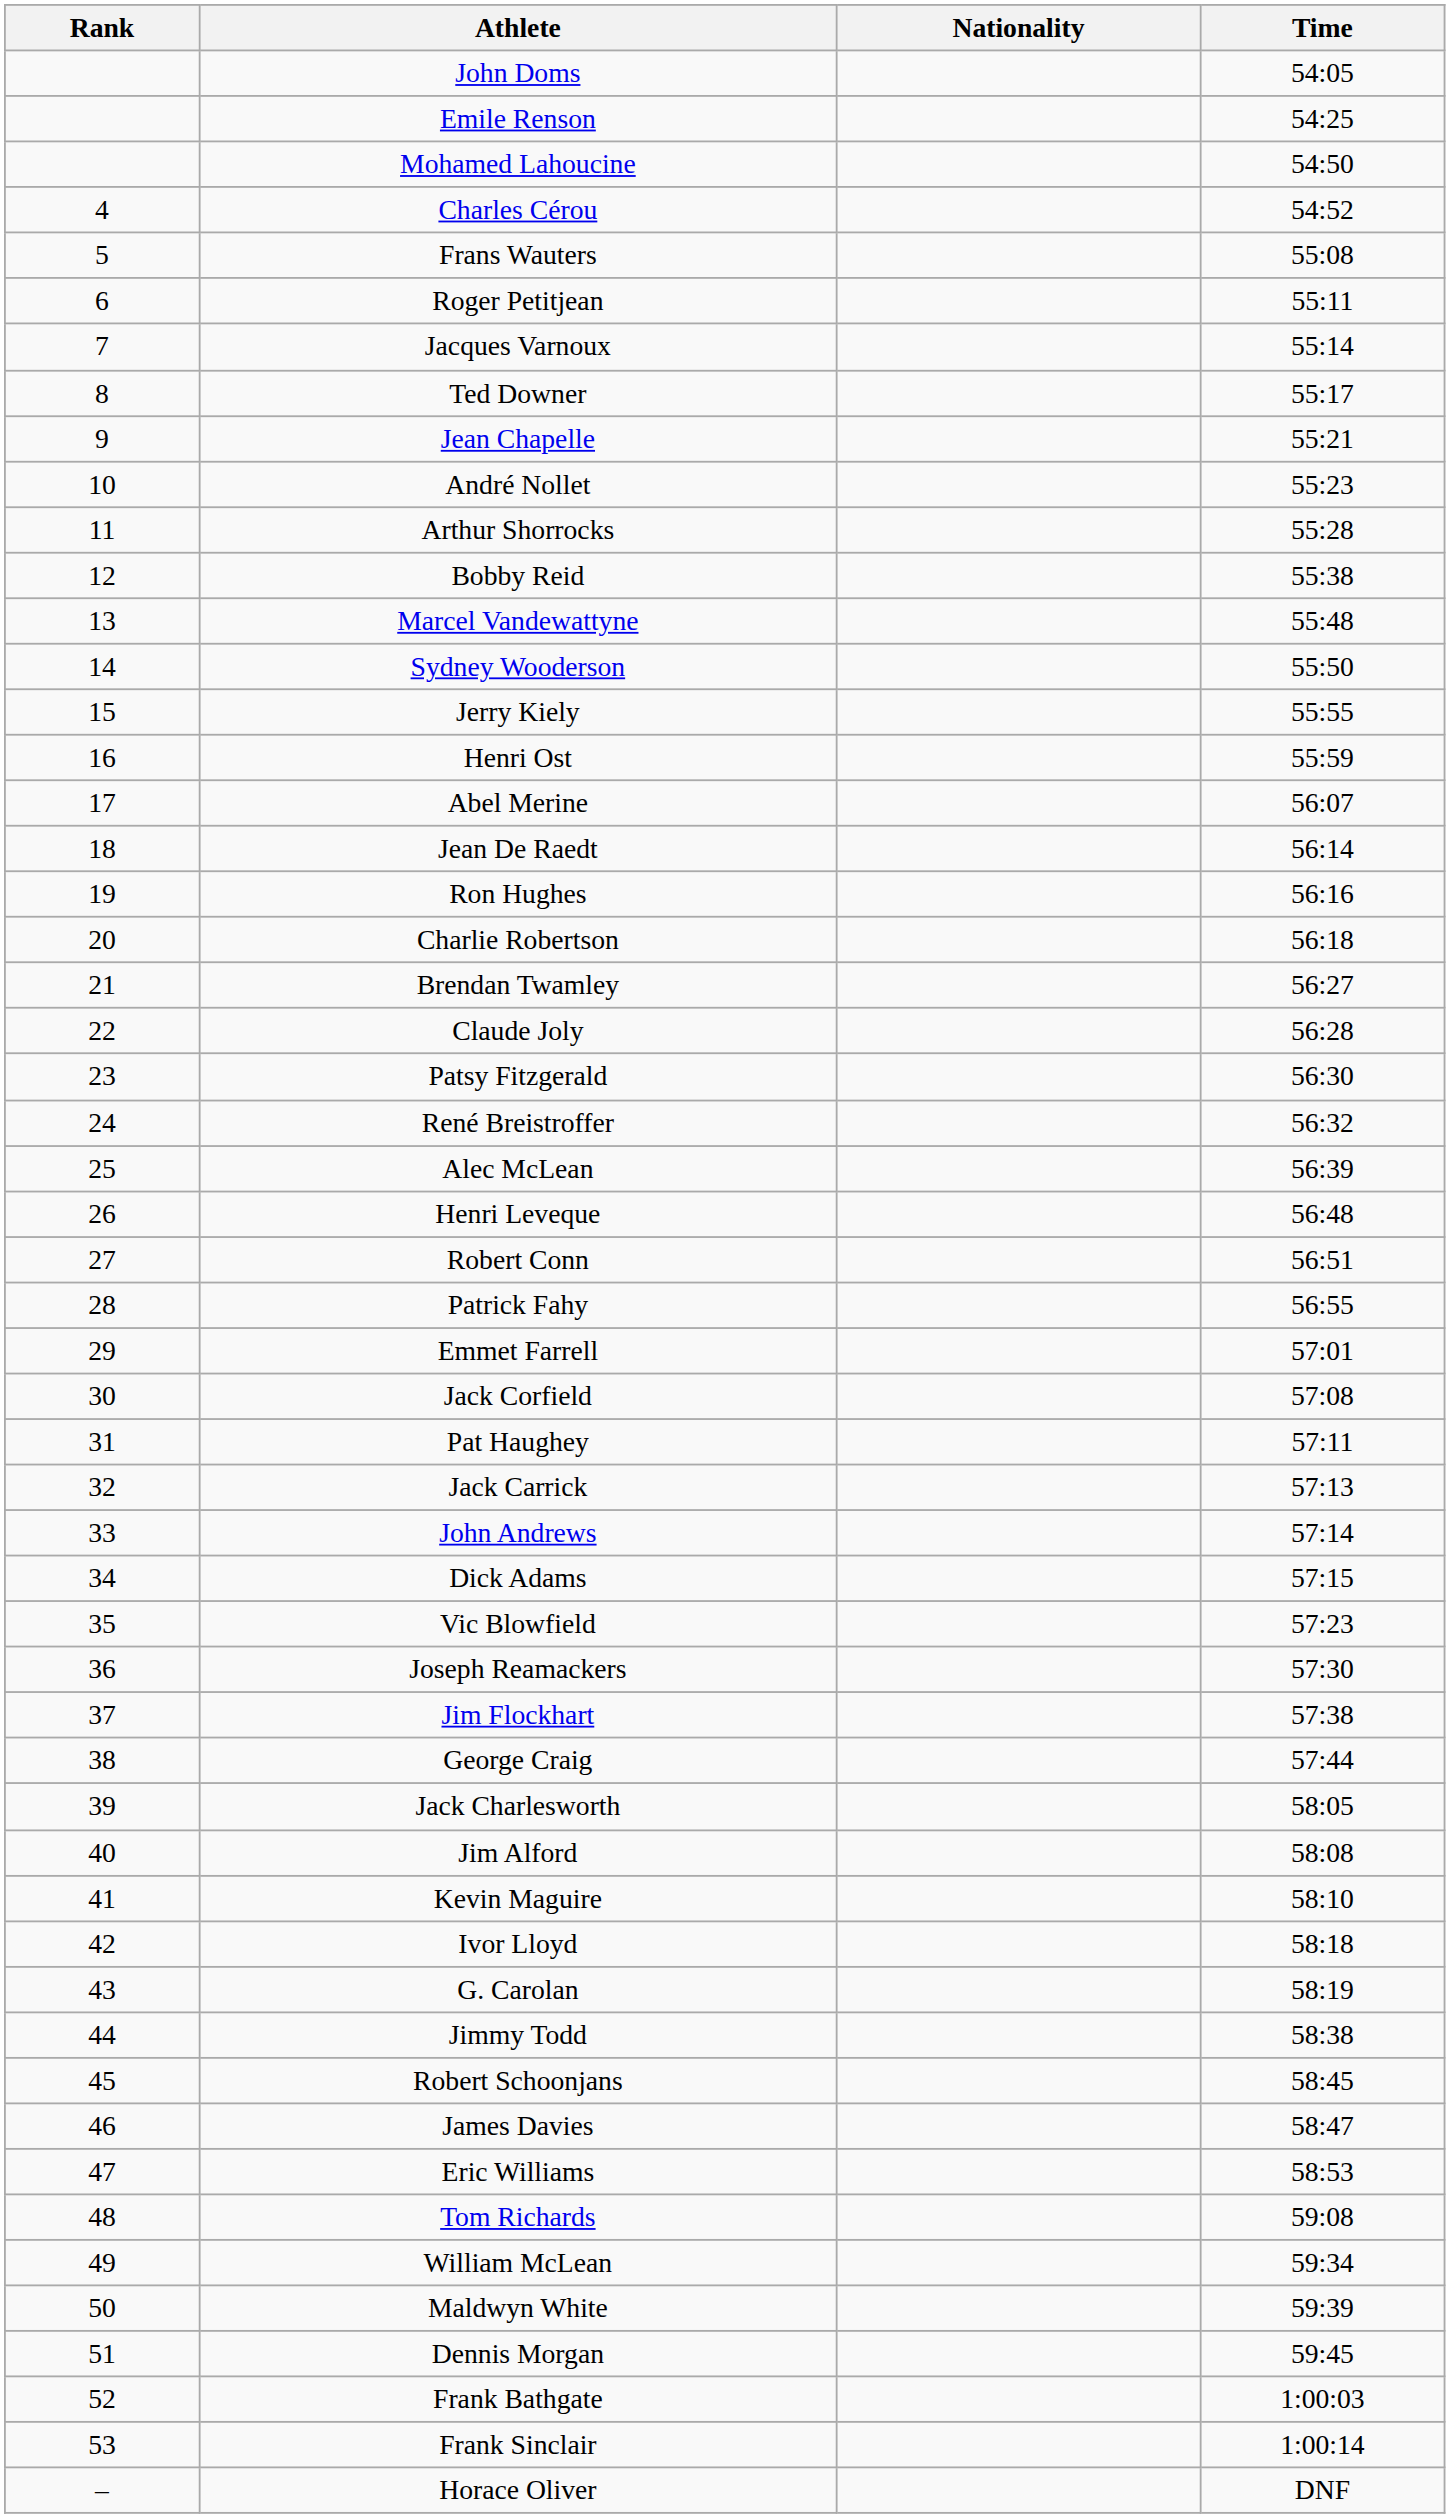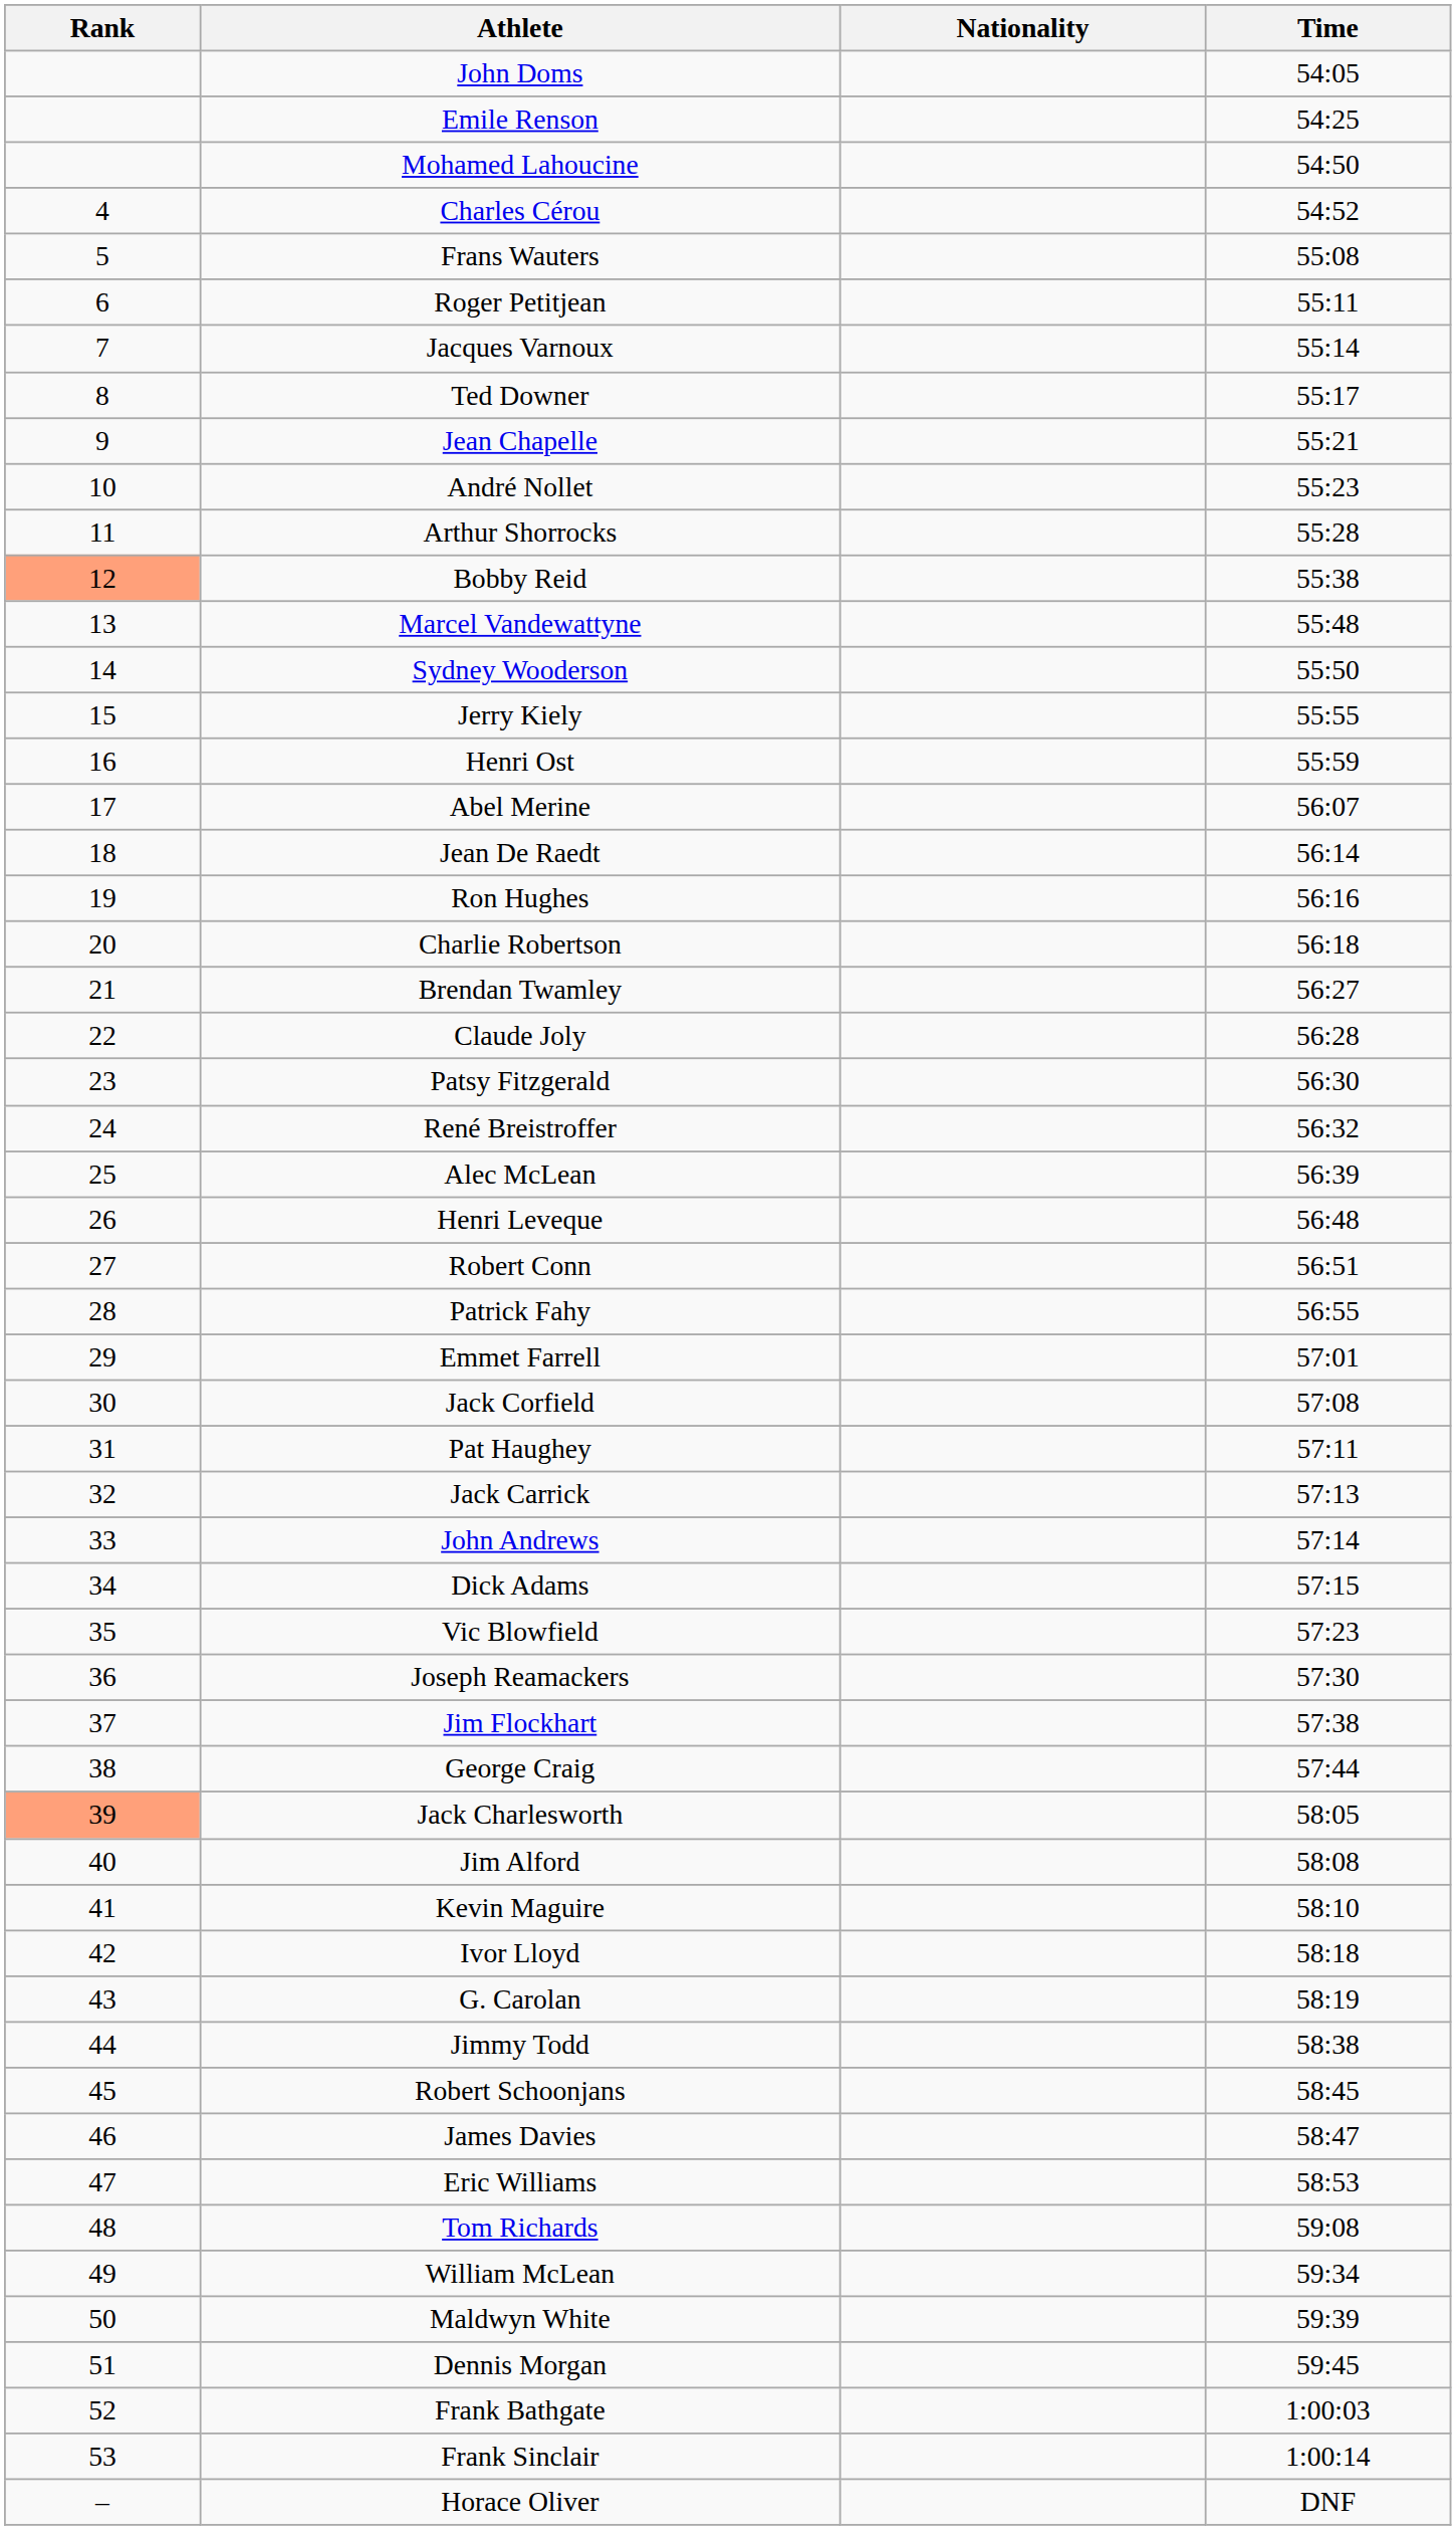 <table class="wikitable sortable" style=" text-align:center; font-size:95%;" width="50%">
 <tr>
 <th>Rank</th>
 <th>Athlete</th>
 <th>Nationality</th>
 <th>Time</th>
 </tr>
 <tr>
 <td align=center></td>
 <td><a href='#'>John Doms</a></td>
 <td></td>
 <td>54:05</td>
 </tr>
 <tr>
 <td align=center></td>
 <td><a href='#'>Emile Renson</a></td>
 <td></td>
 <td>54:25</td>
 </tr>
 <tr>
 <td align=center></td>
 <td><a href='#'>Mohamed Lahoucine</a></td>
 <td></td>
 <td>54:50</td>
 </tr>
 <tr>
 <td align=center>4</td>
 <td><a href='#'>Charles Cérou</a></td>
 <td></td>
 <td>54:52</td>
 </tr>
 <tr>
 <td align=center>5</td>
 <td>Frans Wauters</td>
 <td></td>
 <td>55:08</td>
 </tr>
 <tr>
 <td align=center>6</td>
 <td>Roger Petitjean</td>
 <td></td>
 <td>55:11</td>
 </tr>
 <tr>
 <td align=center>7</td>
 <td>Jacques Varnoux</td>
 <td></td>
 <td>55:14</td>
 </tr>
 <tr>
 <td align=center>8</td>
 <td>Ted Downer</td>
 <td></td>
 <td>55:17</td>
 </tr>
 <tr>
 <td align=center>9</td>
 <td><a href='#'>Jean Chapelle</a></td>
 <td></td>
 <td>55:21</td>
 </tr>
 <tr>
 <td align=center>10</td>
 <td>André Nollet</td>
 <td></td>
 <td>55:23</td>
 </tr>
 <tr>
 <td align=center>11</td>
 <td>Arthur Shorrocks</td>
 <td></td>
 <td>55:28</td>
 </tr>
 <tr>
-<td align=center>12</td>
+<td align=center style="background: lightsalmon;">12</td>
 <td>Bobby Reid</td>
 <td></td>
 <td>55:38</td>
 </tr>
 <tr>
 <td align=center>13</td>
 <td><a href='#'>Marcel Vandewattyne</a></td>
 <td></td>
 <td>55:48</td>
 </tr>
 <tr>
 <td align=center>14</td>
 <td><a href='#'>Sydney Wooderson</a></td>
 <td></td>
 <td>55:50</td>
 </tr>
 <tr>
 <td align=center>15</td>
 <td>Jerry Kiely</td>
 <td></td>
 <td>55:55</td>
 </tr>
 <tr>
 <td align=center>16</td>
 <td>Henri Ost</td>
 <td></td>
 <td>55:59</td>
 </tr>
 <tr>
 <td align=center>17</td>
 <td>Abel Merine</td>
 <td></td>
 <td>56:07</td>
 </tr>
 <tr>
 <td align=center>18</td>
 <td>Jean De Raedt</td>
 <td></td>
 <td>56:14</td>
 </tr>
 <tr>
 <td align=center>19</td>
 <td>Ron Hughes</td>
 <td></td>
 <td>56:16</td>
 </tr>
 <tr>
 <td align=center>20</td>
 <td>Charlie Robertson</td>
 <td></td>
 <td>56:18</td>
 </tr>
 <tr>
 <td align=center>21</td>
 <td>Brendan Twamley</td>
 <td></td>
 <td>56:27</td>
 </tr>
 <tr>
 <td align=center>22</td>
 <td>Claude Joly</td>
 <td></td>
 <td>56:28</td>
 </tr>
 <tr>
 <td align=center>23</td>
 <td>Patsy Fitzgerald</td>
 <td></td>
 <td>56:30</td>
 </tr>
 <tr>
 <td align=center>24</td>
 <td>René Breistroffer</td>
 <td></td>
 <td>56:32</td>
 </tr>
 <tr>
 <td align=center>25</td>
 <td>Alec McLean</td>
 <td></td>
 <td>56:39</td>
 </tr>
 <tr>
 <td align=center>26</td>
 <td>Henri Leveque</td>
 <td></td>
 <td>56:48</td>
 </tr>
 <tr>
 <td align=center>27</td>
 <td>Robert Conn</td>
 <td></td>
 <td>56:51</td>
 </tr>
 <tr>
 <td align=center>28</td>
 <td>Patrick Fahy</td>
 <td></td>
 <td>56:55</td>
 </tr>
 <tr>
 <td align=center>29</td>
 <td>Emmet Farrell</td>
 <td></td>
 <td>57:01</td>
 </tr>
 <tr>
 <td align=center>30</td>
 <td>Jack Corfield</td>
 <td></td>
 <td>57:08</td>
 </tr>
 <tr>
 <td align=center>31</td>
 <td>Pat Haughey</td>
 <td></td>
 <td>57:11</td>
 </tr>
 <tr>
 <td align=center>32</td>
 <td>Jack Carrick</td>
 <td></td>
 <td>57:13</td>
 </tr>
 <tr>
 <td align=center>33</td>
 <td><a href='#'>John Andrews</a></td>
 <td></td>
 <td>57:14</td>
 </tr>
 <tr>
 <td align=center>34</td>
 <td>Dick Adams</td>
 <td></td>
 <td>57:15</td>
 </tr>
 <tr>
 <td align=center>35</td>
 <td>Vic Blowfield</td>
 <td></td>
 <td>57:23</td>
 </tr>
 <tr>
 <td align=center>36</td>
 <td>Joseph Reamackers</td>
 <td></td>
 <td>57:30</td>
 </tr>
 <tr>
 <td align=center>37</td>
 <td><a href='#'>Jim Flockhart</a></td>
 <td></td>
 <td>57:38</td>
 </tr>
 <tr>
 <td align=center>38</td>
 <td>George Craig</td>
 <td></td>
 <td>57:44</td>
 </tr>
 <tr>
-<td align=center>39</td>
+<td align=center style="background: lightsalmon;">39</td>
 <td>Jack Charlesworth</td>
 <td></td>
 <td>58:05</td>
 </tr>
 <tr>
 <td align=center>40</td>
 <td>Jim Alford</td>
 <td></td>
 <td>58:08</td>
 </tr>
 <tr>
 <td align=center>41</td>
 <td>Kevin Maguire</td>
 <td></td>
 <td>58:10</td>
 </tr>
 <tr>
 <td align=center>42</td>
 <td>Ivor Lloyd</td>
 <td></td>
 <td>58:18</td>
 </tr>
 <tr>
 <td align=center>43</td>
 <td>G. Carolan</td>
 <td></td>
 <td>58:19</td>
 </tr>
 <tr>
 <td align=center>44</td>
 <td>Jimmy Todd</td>
 <td></td>
 <td>58:38</td>
 </tr>
 <tr>
 <td align=center>45</td>
 <td>Robert Schoonjans</td>
 <td></td>
 <td>58:45</td>
 </tr>
 <tr>
 <td align=center>46</td>
 <td>James Davies</td>
 <td></td>
 <td>58:47</td>
 </tr>
 <tr>
 <td align=center>47</td>
 <td>Eric Williams</td>
 <td></td>
 <td>58:53</td>
 </tr>
 <tr>
 <td align=center>48</td>
 <td><a href='#'>Tom Richards</a></td>
 <td></td>
 <td>59:08</td>
 </tr>
 <tr>
 <td align=center>49</td>
 <td>William McLean</td>
 <td></td>
 <td>59:34</td>
 </tr>
 <tr>
 <td align=center>50</td>
 <td>Maldwyn White</td>
 <td></td>
 <td>59:39</td>
 </tr>
 <tr>
 <td align=center>51</td>
 <td>Dennis Morgan</td>
 <td></td>
 <td>59:45</td>
 </tr>
 <tr>
 <td align=center>52</td>
 <td>Frank Bathgate</td>
 <td></td>
 <td>1:00:03</td>
 </tr>
 <tr>
 <td align=center>53</td>
 <td>Frank Sinclair</td>
 <td></td>
 <td>1:00:14</td>
 </tr>
 <tr>
 <td align=center>–</td>
 <td>Horace Oliver</td>
 <td></td>
 <td>DNF</td>
 </tr>
 </table>
